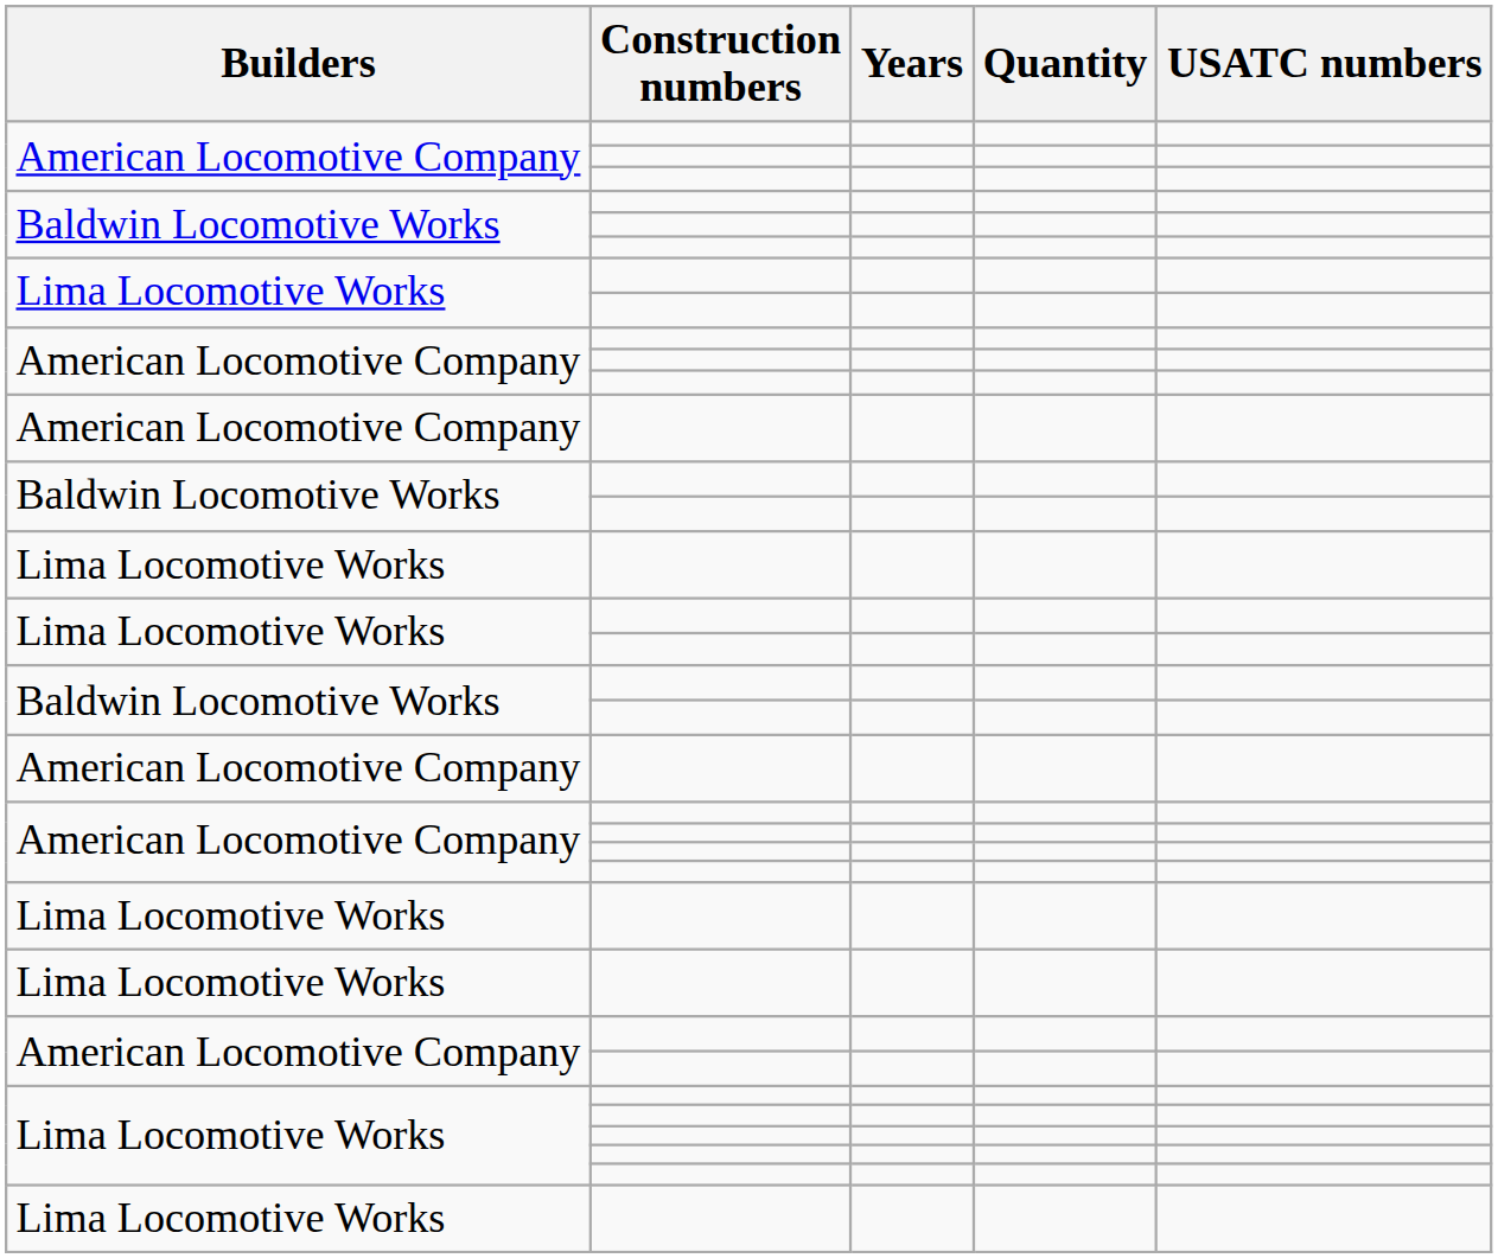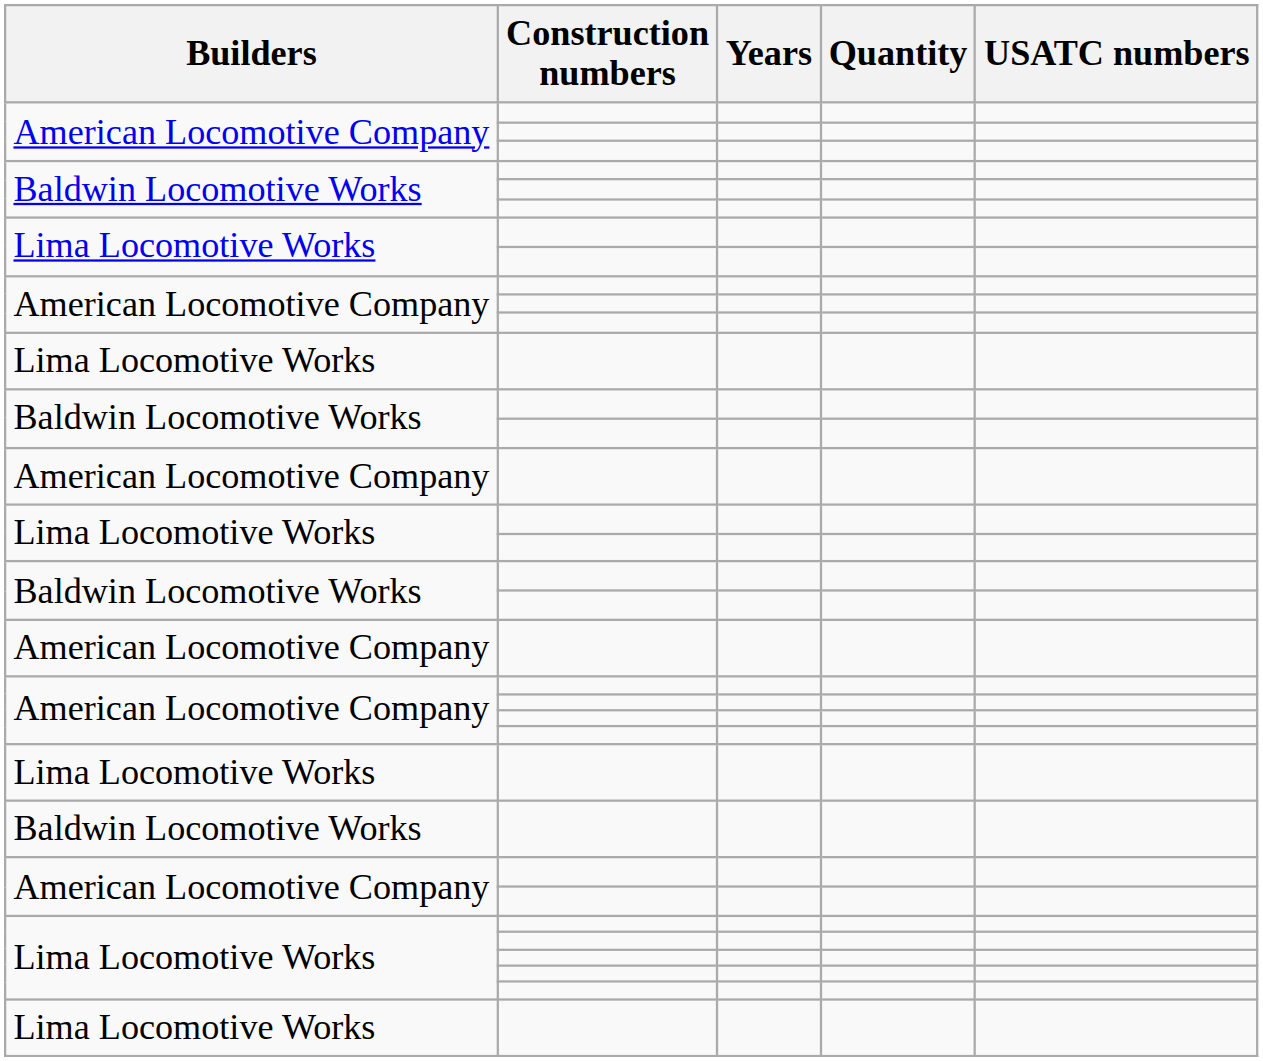 <table class="wikitable">
 <tr>
 <th>Builders</th>
 <th>Construction<br>numbers</th>
 <th>Years</th>
 <th>Quantity</th>
 <th>USATC numbers</th>
 </tr>
 <tr>
 <td rowspan="3"><a href='#'>American Locomotive Company</a></td>
 <td></td>
 <td></td>
 <td></td>
 <td></td>
 </tr>
 <tr>
 <td></td>
 <td></td>
 <td></td>
 <td></td>
 </tr>
 <tr>
 <td></td>
 <td></td>
 <td></td>
 <td></td>
 </tr>
 <tr>
 <td rowspan="3"><a href='#'>Baldwin Locomotive Works</a></td>
 <td></td>
 <td></td>
 <td></td>
 <td></td>
 </tr>
 <tr>
 <td></td>
 <td></td>
 <td></td>
 <td></td>
 </tr>
 <tr>
 <td></td>
 <td></td>
 <td></td>
 <td></td>
 </tr>
 <tr>
 <td rowspan="2"><a href='#'>Lima Locomotive Works</a></td>
 <td></td>
 <td></td>
 <td></td>
 <td></td>
 </tr>
 <tr>
 <td></td>
 <td></td>
 <td></td>
 <td></td>
 </tr>
 <tr>
 <td rowspan="3">American Locomotive Company</td>
 <td></td>
 <td></td>
 <td></td>
 <td></td>
 </tr>
 <tr>
 <td></td>
 <td></td>
 <td></td>
 <td></td>
 </tr>
 <tr>
 <td></td>
 <td></td>
 <td></td>
 <td></td>
 </tr>
 <tr>
-<td>American Locomotive Company</td>
+<td>Lima Locomotive Works</td>
 <td></td>
 <td></td>
 <td></td>
 <td></td>
 </tr>
 <tr>
 <td rowspan="2">Baldwin Locomotive Works</td>
 <td></td>
 <td></td>
 <td></td>
 <td></td>
 </tr>
 <tr>
 <td></td>
 <td></td>
 <td></td>
 <td></td>
 </tr>
 <tr>
-<td>Lima Locomotive Works</td>
+<td>American Locomotive Company</td>
 <td></td>
 <td></td>
 <td></td>
 <td></td>
 </tr>
 <tr>
 <td rowspan="2">Lima Locomotive Works</td>
 <td></td>
 <td></td>
 <td></td>
 <td></td>
 </tr>
 <tr>
 <td></td>
 <td></td>
 <td></td>
 <td></td>
 </tr>
 <tr>
 <td rowspan="2">Baldwin Locomotive Works</td>
 <td></td>
 <td></td>
 <td></td>
 <td></td>
 </tr>
 <tr>
 <td></td>
 <td></td>
 <td></td>
 <td></td>
 </tr>
 <tr>
 <td>American Locomotive Company</td>
 <td></td>
 <td></td>
 <td></td>
 <td></td>
 </tr>
 <tr>
 <td rowspan="4">American Locomotive Company</td>
 <td></td>
 <td></td>
 <td></td>
 <td></td>
 </tr>
 <tr>
 <td></td>
 <td></td>
 <td></td>
 <td></td>
 </tr>
 <tr>
 <td></td>
 <td></td>
 <td></td>
 <td></td>
 </tr>
 <tr>
 <td></td>
 <td></td>
 <td></td>
 <td></td>
 </tr>
 <tr>
 <td>Lima Locomotive Works</td>
 <td></td>
 <td></td>
 <td></td>
 <td></td>
 </tr>
 <tr>
-<td>Lima Locomotive Works</td>
+<td>Baldwin Locomotive Works</td>
 <td></td>
 <td></td>
 <td></td>
 <td></td>
 </tr>
 <tr>
 <td rowspan="2">American Locomotive Company</td>
 <td></td>
 <td></td>
 <td></td>
 <td></td>
 </tr>
 <tr>
 <td></td>
 <td></td>
 <td></td>
 <td></td>
 </tr>
 <tr>
 <td rowspan="5">Lima Locomotive Works</td>
 <td></td>
 <td></td>
 <td></td>
 <td></td>
 </tr>
 <tr>
 <td></td>
 <td></td>
 <td></td>
 <td></td>
 </tr>
 <tr>
 <td></td>
 <td></td>
 <td></td>
 <td></td>
 </tr>
 <tr>
 <td></td>
 <td></td>
 <td></td>
 <td></td>
 </tr>
 <tr>
 <td></td>
 <td></td>
 <td></td>
 <td></td>
 </tr>
 <tr>
 <td>Lima Locomotive Works</td>
 <td></td>
 <td></td>
 <td></td>
 <td></td>
 </tr>
 </table>
